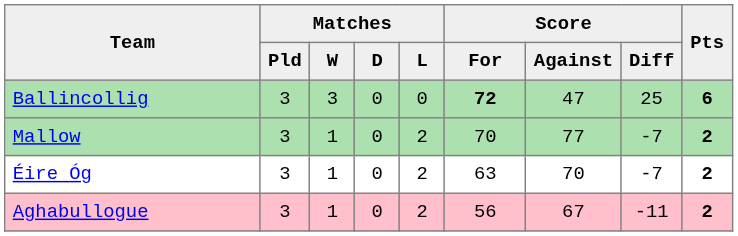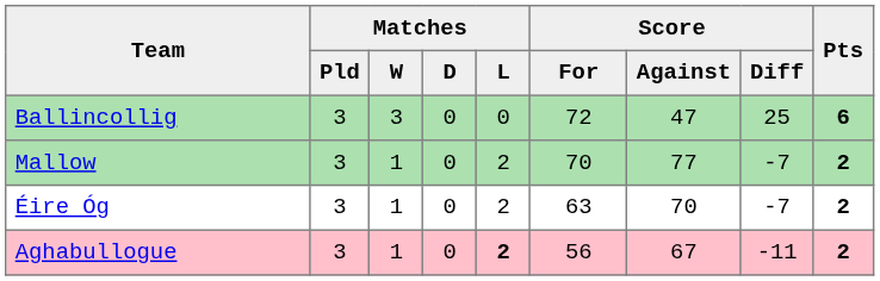 <table style=border-collapse:collapse border=1 cellspacing=0 cellpadding=5>
 <tr align=center bgcolor=#efefef>
 <th rowspan=2 width=165>Team</th>
 <th colspan=4>Matches</th>
 <th colspan=3>Score</th>
 <th rowspan=2width=20>Pts</th>
 </tr>
 <tr align=center bgcolor=#efefef>
 <th width=20>Pld</th>
 <th width=20>W</th>
 <th width=20>D</th>
 <th width=20>L</th>
 <th width=45>For</th>
 <th width=45>Against</th>
 <th width=30>Diff</th>
 </tr>
 <tr align=center style="background:#ACE1AF;">
 <td style="text-align:left;"><a href='#'>Ballincollig</a></td>
 <td>3</td>
 <td>3</td>
 <td>0</td>
 <td>0</td>
-<td><strong>72</strong></td>
+<td>72</td>
 <td>47</td>
 <td>25</td>
 <td><strong>6</strong></td>
 </tr>
 <tr align=center style="background:#ACE1AF;">
 <td style="text-align:left;"><a href='#'>Mallow</a></td>
 <td>3</td>
 <td>1</td>
 <td>0</td>
 <td>2</td>
 <td>70</td>
 <td>77</td>
 <td>-7</td>
 <td><strong>2</strong></td>
 </tr>
 <tr align=center>
 <td style="text-align:left;"><a href='#'>Éire Óg</a></td>
 <td>3</td>
 <td>1</td>
 <td>0</td>
 <td>2</td>
 <td>63</td>
 <td>70</td>
 <td>-7</td>
 <td><strong>2</strong></td>
 </tr>
 <tr align=center style="background:#FFC0CB;">
 <td style="text-align:left;"><a href='#'>Aghabullogue</a></td>
 <td>3</td>
 <td>1</td>
 <td>0</td>
-<td>2</td>
+<td><strong>2</strong></td>
 <td>56</td>
 <td>67</td>
 <td>-11</td>
 <td><strong>2</strong></td>
 </tr>
 </table>
